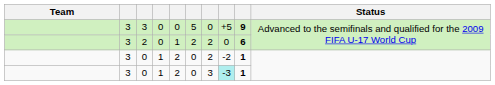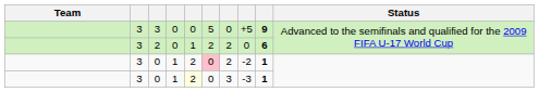 <table class="wikitable" style="text-align: center;">
 <tr>
 <th width=185>Team</th>
 <th width=20></th>
 <th width=20></th>
 <th width=20></th>
 <th width=20></th>
 <th width=20></th>
 <th width=20></th>
 <th width=20></th>
 <th width=20></th>
 <th width=391>Status</th>
 </tr>
 <tr bgcolor="#D0F0C0">
 <td align="left"></td>
 <td>3</td>
 <td>3</td>
 <td>0</td>
 <td>0</td>
 <td>5</td>
 <td>0</td>
 <td>+5</td>
 <td><strong>9</strong></td>
 <td rowspan=2>Advanced to the semifinals and qualified for the <a href='#'>2009 FIFA U-17 World Cup</a></td>
 </tr>
 <tr bgcolor="#D0F0C0">
 <td align="left"></td>
 <td>3</td>
 <td>2</td>
 <td>0</td>
 <td>1</td>
 <td>2</td>
 <td>2</td>
 <td>0</td>
 <td><strong>6</strong></td>
 </tr>
 <tr>
 <td align="left"></td>
 <td>3</td>
 <td>0</td>
 <td>1</td>
 <td>2</td>
-<td>0</td>
+<td style="background: pink;">0</td>
 <td>2</td>
 <td>-2</td>
 <td><strong>1</strong></td>
 </tr>
 <tr>
 <td align="left"></td>
 <td>3</td>
 <td>0</td>
 <td>1</td>
-<td>2</td>
+<td style="background: lightyellow;">2</td>
 <td>0</td>
 <td>3</td>
-<td style="background: paleturquoise;">-3</td>
+<td>-3</td>
 <td><strong>1</strong></td>
 </tr>
 </table>
